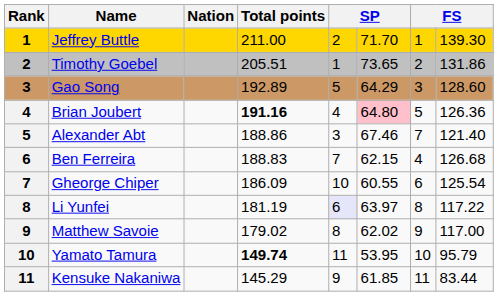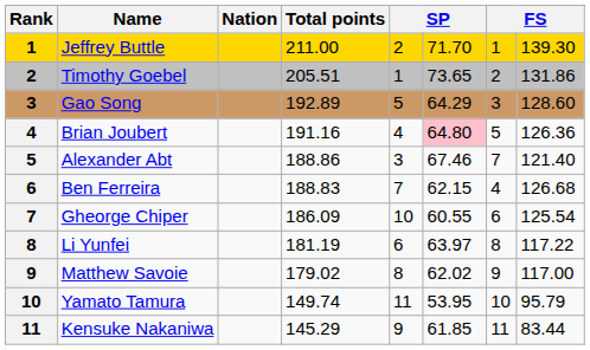 <table class="wikitable">
 <tr>
 <th>Rank</th>
 <th>Name</th>
 <th>Nation</th>
 <th>Total points</th>
 <th colspan="2" width="80px"><a href='#'>SP</a></th>
 <th colspan="2" width="80px"><a href='#'>FS</a></th>
 </tr>
 <tr bgcolor="gold">
 <td align="center"><strong>1</strong></td>
 <td><a href='#'>Jeffrey Buttle</a></td>
 <td></td>
 <td>211.00</td>
 <td>2</td>
 <td>71.70</td>
 <td>1</td>
 <td>139.30</td>
 </tr>
 <tr bgcolor="silver">
 <td align="center"><strong>2</strong></td>
 <td><a href='#'>Timothy Goebel</a></td>
 <td></td>
 <td>205.51</td>
 <td>1</td>
 <td>73.65</td>
 <td>2</td>
 <td>131.86</td>
 </tr>
 <tr bgcolor="cc9966">
 <td align="center"><strong>3</strong></td>
 <td><a href='#'>Gao Song</a></td>
 <td></td>
 <td>192.89</td>
 <td>5</td>
 <td>64.29</td>
 <td>3</td>
 <td>128.60</td>
 </tr>
 <tr>
 <th>4</th>
 <td><a href='#'>Brian Joubert</a></td>
 <td></td>
-<td><strong>191.16</strong></td>
+<td>191.16</td>
 <td>4</td>
 <td style="background: pink;">64.80</td>
 <td>5</td>
 <td>126.36</td>
 </tr>
 <tr>
 <th>5</th>
 <td><a href='#'>Alexander Abt</a></td>
 <td></td>
 <td>188.86</td>
 <td>3</td>
 <td>67.46</td>
 <td>7</td>
 <td>121.40</td>
 </tr>
 <tr>
 <th>6</th>
 <td><a href='#'>Ben Ferreira</a></td>
 <td></td>
 <td>188.83</td>
 <td>7</td>
 <td>62.15</td>
 <td>4</td>
 <td>126.68</td>
 </tr>
 <tr>
 <th>7</th>
 <td><a href='#'>Gheorge Chiper</a></td>
 <td></td>
 <td>186.09</td>
 <td>10</td>
 <td>60.55</td>
 <td>6</td>
 <td>125.54</td>
 </tr>
 <tr>
 <th>8</th>
 <td><a href='#'>Li Yunfei</a></td>
 <td></td>
 <td>181.19</td>
-<td style="background: lavender;">6</td>
+<td>6</td>
 <td>63.97</td>
 <td>8</td>
 <td>117.22</td>
 </tr>
 <tr>
 <th>9</th>
 <td><a href='#'>Matthew Savoie</a></td>
 <td></td>
 <td>179.02</td>
 <td>8</td>
 <td>62.02</td>
 <td>9</td>
 <td>117.00</td>
 </tr>
 <tr>
 <th>10</th>
 <td><a href='#'>Yamato Tamura</a></td>
 <td></td>
-<td><strong>149.74</strong></td>
+<td>149.74</td>
 <td>11</td>
 <td>53.95</td>
 <td>10</td>
 <td>95.79</td>
 </tr>
 <tr>
 <th>11</th>
 <td><a href='#'>Kensuke Nakaniwa</a></td>
 <td></td>
 <td>145.29</td>
 <td>9</td>
 <td>61.85</td>
 <td>11</td>
 <td>83.44</td>
 </tr>
 </table>
